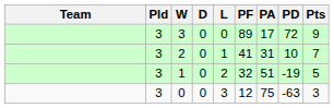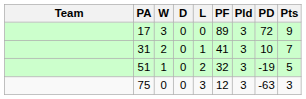 <table class="wikitable" style="text-align:center;">
 <tr>
 <th width=175>Team</th>
-<th width=20 abbr="Played">Pld</th>
+<th width=20 abbr="Points against">PA</th>
 <th width=20 abbr="Won">W</th>
 <th width=20 abbr="Drawn">D</th>
 <th width=20 abbr="Lost">L</th>
 <th width=20 abbr="Points for">PF</th>
-<th width=20 abbr="Points against">PA</th>
+<th width=20 abbr="Played">Pld</th>
 <th width=25 abbr="Points difference">PD</th>
 <th width=20 abbr="Points">Pts</th>
 </tr>
 <tr bgcolor=ccffcc>
 <td style="text-align:left;"></td>
-<td>3</td>
+<td>17</td>
 <td>3</td>
 <td>0</td>
 <td>0</td>
 <td>89</td>
-<td>17</td>
+<td>3</td>
 <td>72</td>
 <td>9</td>
 </tr>
 <tr bgcolor=ccffcc>
 <td style="text-align:left;"></td>
-<td>3</td>
+<td>31</td>
 <td>2</td>
 <td>0</td>
 <td>1</td>
 <td>41</td>
-<td>31</td>
+<td>3</td>
 <td>10</td>
 <td>7</td>
 </tr>
 <tr bgcolor=ccffcc>
 <td style="text-align:left;"></td>
-<td>3</td>
+<td>51</td>
 <td>1</td>
 <td>0</td>
 <td>2</td>
 <td>32</td>
-<td>51</td>
+<td>3</td>
 <td>-19</td>
 <td>5</td>
 </tr>
 <tr>
 <td style="text-align:left;"></td>
-<td>3</td>
+<td>75</td>
 <td>0</td>
 <td>0</td>
 <td>3</td>
 <td>12</td>
-<td>75</td>
+<td>3</td>
 <td>-63</td>
 <td>3</td>
 </tr>
 </table>
